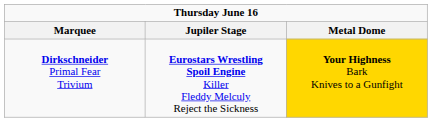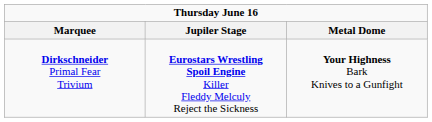 <table class="wikitable">
 <tr>
 <td colspan="3" style="text-align:center;"><strong>Thursday June 16</strong></td>
 </tr>
 <tr>
 <th>Marquee</th>
 <th>Jupiler Stage</th>
 <th>Metal Dome</th>
 </tr>
 <tr>
 <td style="text-align:center; vertical-align:top; width:200px;"><br><strong><a href='#'>Dirkschneider</a></strong> <br> <a href='#'>Primal Fear</a> <br> <a href='#'>Trivium</a></td>
 <td style="text-align:center; vertical-align:top; width:200px;"><br><strong><a href='#'>Eurostars Wrestling</a></strong> <br> <strong><a href='#'>Spoil Engine</a></strong> <br> <a href='#'>Killer</a> <br> <a href='#'>Fleddy Melculy</a> <br> Reject the Sickness</td>
-<td style="background: gold; text-align:center; vertical-align:top; width:200px;"><br><strong>Your Highness</strong> <br> Bark <br> Knives to a Gunfight <br></td>
+<td style="text-align:center; vertical-align:top; width:200px;"><br><strong>Your Highness</strong> <br> Bark <br> Knives to a Gunfight <br></td>
 </tr>
 </table>
